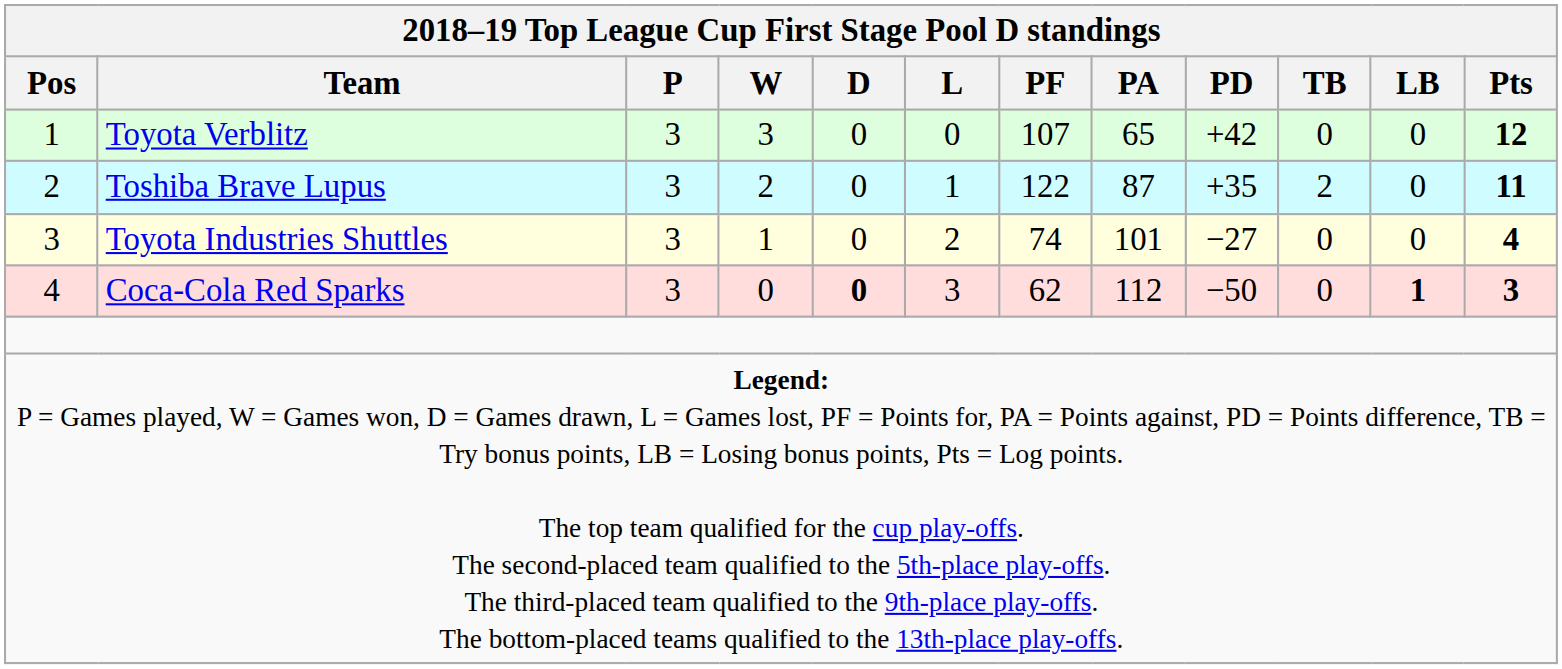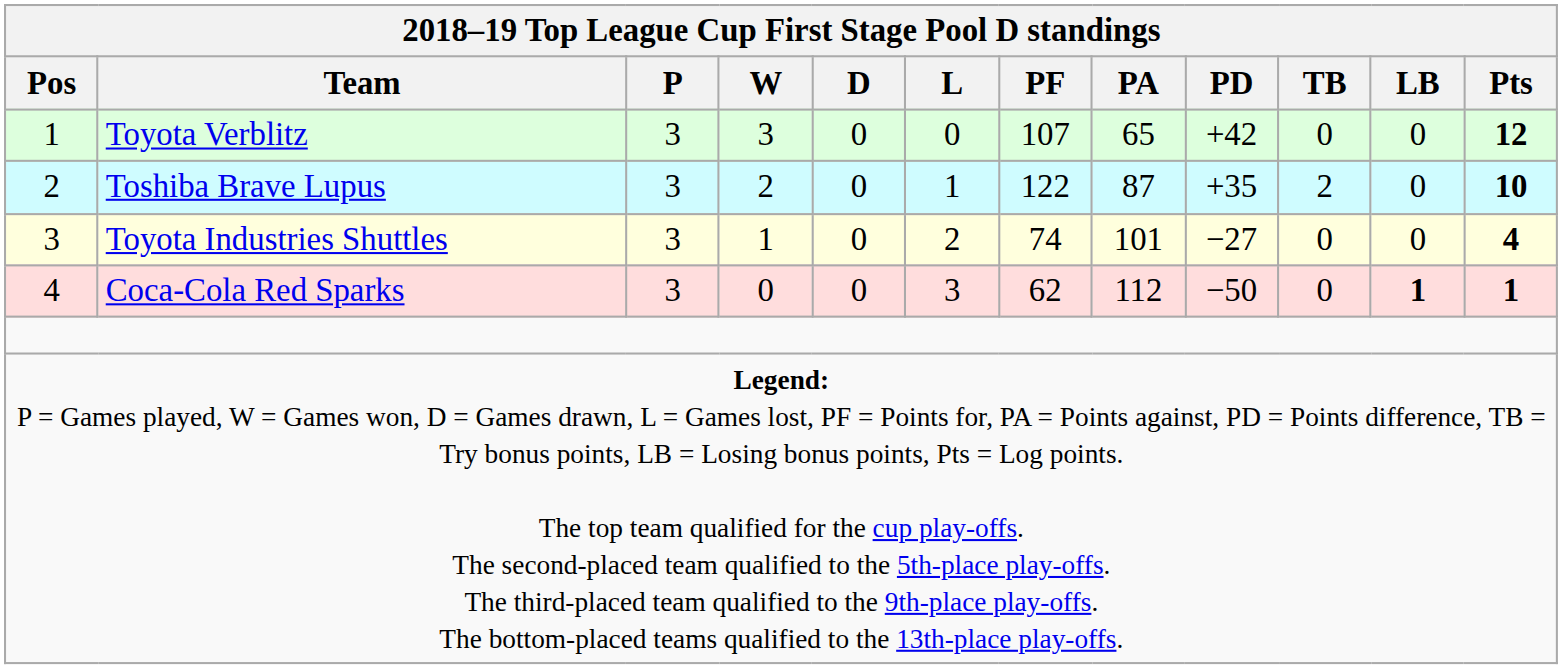 <table class="wikitable" style="text-align:center; font-size:100%; width:60%;">
 <tr>
 <th colspan="100%" cellpadding="0" cellspacing="0"><strong>2018–19 Top League Cup First Stage Pool D standings</strong></th>
 </tr>
 <tr>
 <th style="width:6%;">Pos</th>
 <th style="width:34%;">Team</th>
 <th style="width:6%;">P</th>
 <th style="width:6%;">W</th>
 <th style="width:6%;">D</th>
 <th style="width:6%;">L</th>
 <th style="width:6%;">PF</th>
 <th style="width:6%;">PA</th>
 <th style="width:6%;">PD</th>
 <th style="width:6%;">TB</th>
 <th style="width:6%;">LB</th>
 <th style="width:6%;">Pts<br></th>
 </tr>
 <tr style="background:#DDFFDD;">
 <td>1</td>
 <td style="text-align:left;"><a href='#'>Toyota Verblitz</a></td>
 <td>3</td>
 <td>3</td>
 <td>0</td>
 <td>0</td>
 <td>107</td>
 <td>65</td>
 <td>+42</td>
 <td>0</td>
 <td>0</td>
 <td><strong>12</strong></td>
 </tr>
 <tr style="background:#CFFCFF;">
 <td>2</td>
 <td style="text-align:left;"><a href='#'>Toshiba Brave Lupus</a></td>
 <td>3</td>
 <td>2</td>
 <td>0</td>
 <td>1</td>
 <td>122</td>
 <td>87</td>
 <td>+35</td>
 <td>2</td>
 <td>0</td>
-<td><strong>11</strong></td>
+<td><strong>10</strong></td>
 </tr>
 <tr style="background:#FFFFDD;">
 <td>3</td>
 <td style="text-align:left;"><a href='#'>Toyota Industries Shuttles</a></td>
 <td>3</td>
 <td>1</td>
 <td>0</td>
 <td>2</td>
 <td>74</td>
 <td>101</td>
 <td>−27</td>
 <td>0</td>
 <td>0</td>
 <td><strong>4</strong></td>
 </tr>
 <tr style="background:#FFDDDD;">
 <td>4</td>
 <td style="text-align:left;"><a href='#'>Coca-Cola Red Sparks</a></td>
 <td>3</td>
 <td>0</td>
-<td><strong>0</strong></td>
+<td>0</td>
 <td>3</td>
 <td>62</td>
 <td>112</td>
 <td>−50</td>
 <td>0</td>
 <td><strong>1</strong></td>
-<td><strong>3</strong></td>
+<td><strong>1</strong></td>
 </tr>
 <tr>
 <td colspan="100%" style="height:10px;"></td>
 </tr>
 <tr>
 <td colspan="100%"><small><strong>Legend:</strong> <br> P = Games played, W = Games won, D = Games drawn, L = Games lost, PF = Points for, PA = Points against, PD = Points difference, TB = Try bonus points, LB = Losing bonus points, Pts = Log points. <br> <br> <span>The top team</span> qualified for the <a href='#'>cup play-offs</a>. <br> <span>The second-placed team</span> qualified to the <a href='#'>5th-place play-offs</a>. <br> <span>The third-placed team</span> qualified to the <a href='#'>9th-place play-offs</a>. <br> <span>The bottom-placed teams</span> qualified to the <a href='#'>13th-place play-offs</a>.</small></td>
 </tr>
 </table>
